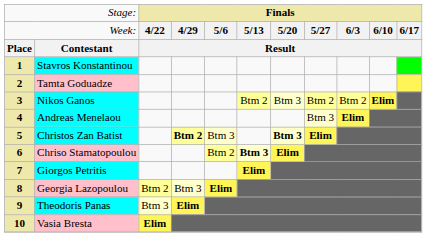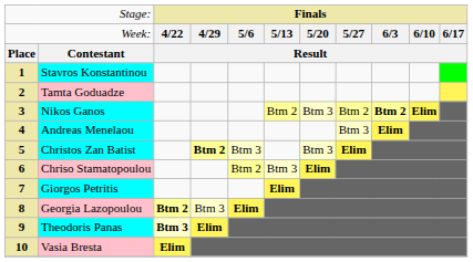 <table class="wikitable" align="center"|>
 <tr>
 <td colspan="2" align="right"><em>Stage:</em></td>
 <td colspan="9" bgcolor="palegoldenrod" align="Center"><strong>Finals</strong></td>
 </tr>
 <tr>
 <td colspan="2" align="right"><em>Week:</em></td>
 <th>4/22</th>
 <th>4/29</th>
 <th>5/6</th>
 <th>5/13</th>
 <th>5/20</th>
 <th>5/27</th>
 <th>6/3</th>
 <th>6/10</th>
 <th>6/17</th>
 </tr>
 <tr>
 <th>Place</th>
 <th>Contestant</th>
 <th colspan="11" align="center">Result</th>
 </tr>
 <tr>
 <td align="center"  bgcolor="palegoldenrod"><strong>1</strong></td>
 <td bgcolor="cyan">Stavros Konstantinou</td>
 <td></td>
 <td></td>
 <td></td>
 <td></td>
 <td></td>
 <td></td>
 <td></td>
 <td></td>
 <td style="background:lime; text-align:center;"></td>
 </tr>
 <tr>
 <td align="center"  bgcolor="palegoldenrod"><strong>2</strong></td>
 <td bgcolor="pink">Tamta Goduadze</td>
 <td></td>
 <td></td>
 <td></td>
 <td></td>
 <td></td>
 <td></td>
 <td></td>
 <td></td>
 <td style="background:#fff558; text-align:center;"></td>
 </tr>
 <tr>
 <td align="center"  bgcolor="palegoldenrod"><strong>3</strong></td>
 <td bgcolor="cyan">Nikos Ganos</td>
 <td></td>
 <td></td>
 <td></td>
 <td bgcolor="#FFFF99" align="center">Btm 2</td>
 <td bgcolor="#FFFFCC" align="center">Btm 3</td>
 <td bgcolor="#FFFF99" align="center">Btm 2</td>
-<td bgcolor="#FFFF99" align="center">Btm 2</td>
+<td bgcolor="#FFFF99" align="center"><strong>Btm 2</strong></td>
 <td bgcolor="#FFF558" align="center"><strong>Elim</strong></td>
 <td bgcolor="#666666" align="center" colspan=1></td>
 </tr>
 <tr>
 <td align="center"  bgcolor="palegoldenrod"><strong>4</strong></td>
 <td bgcolor="cyan">Andreas Menelaou</td>
 <td></td>
 <td></td>
 <td></td>
 <td></td>
 <td></td>
 <td bgcolor="#FFFFCC" align="center">Btm 3</td>
 <td bgcolor="#FFF558" align="center"><strong>Elim</strong></td>
 <td bgcolor="#666666" align="center" colspan=2></td>
 </tr>
 <tr>
 <td align="center"  bgcolor="palegoldenrod"><strong>5</strong></td>
 <td bgcolor="cyan">Christos Zan Batist</td>
 <td></td>
 <td bgcolor="#FFFF99" align="center"><strong>Btm 2</strong></td>
 <td bgcolor="#FFFFCC" align="center">Btm 3</td>
 <td></td>
-<td bgcolor="#FFFFCC" align="center"><strong>Btm 3</strong></td>
+<td bgcolor="#FFFFCC" align="center">Btm 3</td>
 <td bgcolor="#FFF558" align="center"><strong>Elim</strong></td>
 <td bgcolor="#666666" align="center" colspan=3></td>
 </tr>
 <tr>
 <td align="center"  bgcolor="palegoldenrod"><strong>6</strong></td>
 <td bgcolor="pink">Chriso Stamatopoulou</td>
 <td></td>
 <td></td>
 <td bgcolor="#FFFF99" align="center">Btm 2</td>
-<td bgcolor="#FFFFCC" align="center"><strong>Btm 3</strong></td>
+<td bgcolor="#FFFFCC" align="center">Btm 3</td>
 <td bgcolor="#FFF558" align="center"><strong>Elim</strong></td>
 <td bgcolor="#666666" align="center" colspan=4></td>
 </tr>
 <tr>
 <td align="center"  bgcolor="palegoldenrod"><strong>7</strong></td>
 <td bgcolor="cyan">Giorgos Petritis</td>
 <td></td>
 <td></td>
 <td></td>
 <td bgcolor="#FFF558" align="center"><strong>Elim</strong></td>
 <td bgcolor="#666666" align="center" colspan=5></td>
 </tr>
 <tr>
 <td align="center"  bgcolor="palegoldenrod"><strong>8</strong></td>
 <td bgcolor="pink">Georgia Lazopoulou</td>
-<td bgcolor="#FFFF99" align="center">Btm 2</td>
+<td bgcolor="#FFFF99" align="center"><strong>Btm 2</strong></td>
 <td bgcolor="#FFFFCC" align="center">Btm 3</td>
 <td bgcolor="#FFF558" align="center"><strong>Elim</strong></td>
 <td bgcolor="#666666" align="center" colspan=6></td>
 </tr>
 <tr>
 <td align="center"  bgcolor="palegoldenrod"><strong>9</strong></td>
 <td bgcolor="cyan">Theodoris Panas</td>
-<td bgcolor="#FFFFCC" align="center">Btm 3</td>
+<td bgcolor="#FFFFCC" align="center"><strong>Btm 3</strong></td>
 <td bgcolor="#FFF558" align="center"><strong>Elim</strong></td>
 <td bgcolor="#666666" align="center" colspan=7></td>
 </tr>
 <tr>
 <td align="center"  bgcolor="palegoldenrod"><strong>10</strong></td>
 <td bgcolor="pink">Vasia Bresta</td>
 <td bgcolor="#FFF558" align="center"><strong>Elim</strong></td>
 <td bgcolor="#666666" align="center" colspan=8></td>
 </tr>
 <tr>
 </tr>
 </table>
